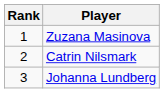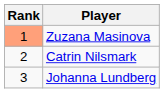 <table class="wikitable" style="font-size:95%;">
 <tr>
 <th>Rank</th>
 <th>Player</th>
 </tr>
 <tr>
-<td align=center>1</td>
+<td align=center style="background: lightsalmon;">1</td>
 <td> <a href='#'>Zuzana Masinova</a></td>
 </tr>
 <tr>
 <td align=center>2</td>
 <td> <a href='#'>Catrin Nilsmark</a></td>
 </tr>
 <tr>
 <td align=center>3</td>
 <td> <a href='#'>Johanna Lundberg</a></td>
 </tr>
 </table>
